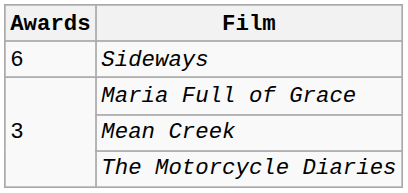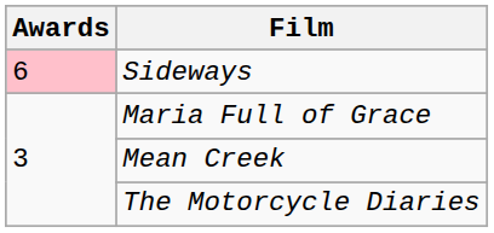 <table class="wikitable">
 <tr>
 <th>Awards</th>
 <th>Film</th>
 </tr>
 <tr>
-<td>6</td>
+<td style="background: pink;">6</td>
 <td><em>Sideways</em></td>
 </tr>
 <tr>
 <td rowspan="3">3</td>
 <td><em>Maria Full of Grace</em></td>
 </tr>
 <tr>
 <td><em>Mean Creek</em></td>
 </tr>
 <tr>
 <td><em>The Motorcycle Diaries</em></td>
 </tr>
 </table>
